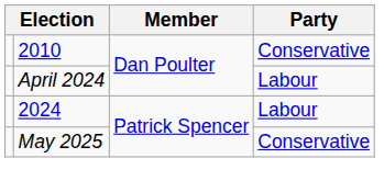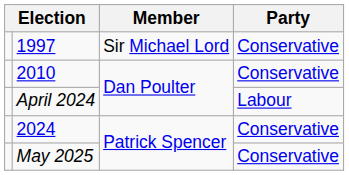 <table class="wikitable">
 <tr>
 <th colspan="2">Election</th>
 <th>Member</th>
 <th>Party</th>
+</tr>
+<tr>
+<td style="color:inherit;background-color: "></td>
+<td><a href='#'>1997</a></td>
+<td>Sir <a href='#'>Michael Lord</a></td>
+<td><a href='#'>Conservative</a></td>
 </tr>
 <tr>
 <td style="color:inherit;background-color: "></td>
 <td><a href='#'>2010</a></td>
 <td rowspan=2><a href='#'>Dan Poulter</a></td>
 <td><a href='#'>Conservative</a></td>
 </tr>
 <tr>
 <td bgcolor=></td>
 <td><em>April 2024</em></td>
 <td><a href='#'>Labour</a></td>
 </tr>
 <tr>
 <td style="color:inherit;background-color: "></td>
 <td><a href='#'>2024</a></td>
 <td rowspan="2"><a href='#'>Patrick Spencer</a></td>
-<td><a href='#'>Labour</a></td>
+<td><a href='#'>Conservative</a></td>
 </tr>
 <tr>
 <td style="color:inherit;background-color: "></td>
 <td><em>May 2025</em></td>
 <td><a href='#'>Conservative</a></td>
 </tr>
 </table>
